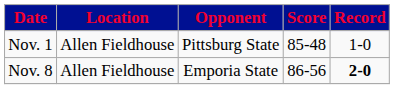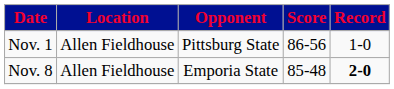 <table class="wikitable" style="text-align:center">
 <tr>
 <th style="background:#001092;color:#F20030;">Date</th>
 <th style="background:#001092;color:#F20030;">Location</th>
 <th style="background:#001092;color:#F20030;">Opponent</th>
 <th style="background:#001092;color:#F20030;">Score</th>
 <th style="background:#001092;color:#F20030;">Record</th>
 </tr>
 <tr>
 <td>Nov. 1</td>
 <td>Allen Fieldhouse</td>
 <td>Pittsburg State</td>
-<td>85-48</td>
+<td>86-56</td>
 <td>1-0</td>
 </tr>
 <tr>
 <td>Nov. 8</td>
 <td>Allen Fieldhouse</td>
 <td>Emporia State</td>
-<td>86-56</td>
+<td>85-48</td>
 <td><strong>2-0</strong></td>
 </tr>
 <tr>
 </tr>
 </table>
